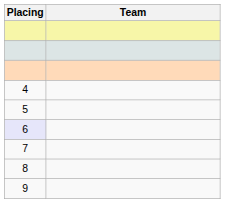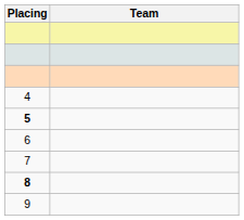 <table class="wikitable" style="text-align:center">
 <tr>
 <th width=15>Placing</th>
 <th width=260>Team</th>
 </tr>
 <tr style="background:#f7f6a8;">
 <td style="text-align:center; height:23px;"></td>
 <td align=left></td>
 </tr>
 <tr style="background:#dce5e5;">
 <td style="text-align:center; height:23px;"></td>
 <td align=left></td>
 </tr>
 <tr style="background:#ffdab9;">
 <td style="text-align:center; height:23px;"></td>
 <td align=left></td>
 </tr>
 <tr>
 <td style="text-align:center; height:23px;">4</td>
 <td align=left></td>
 </tr>
 <tr>
-<td style="text-align:center; height:23px;">5</td>
+<td style="text-align:center; height:23px;"><strong>5</strong></td>
 <td align=left></td>
 </tr>
 <tr>
-<td style="background: lavender; text-align:center; height:23px;">6</td>
+<td style="text-align:center; height:23px;">6</td>
 <td align=left></td>
 </tr>
 <tr>
 <td style="text-align:center; height:23px;">7</td>
 <td align=left></td>
 </tr>
 <tr>
-<td style="text-align:center; height:23px;">8</td>
+<td style="text-align:center; height:23px;"><strong>8</strong></td>
 <td align=left></td>
 </tr>
 <tr>
 <td style="text-align:center; height:23px;">9</td>
 <td align=left></td>
 </tr>
 </table>
